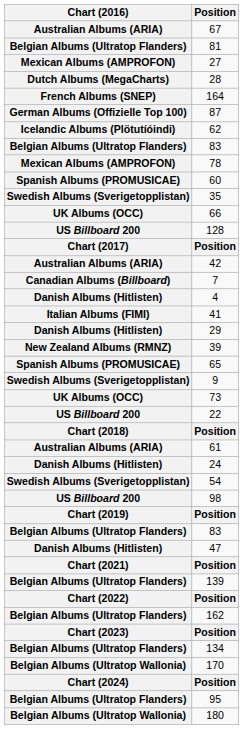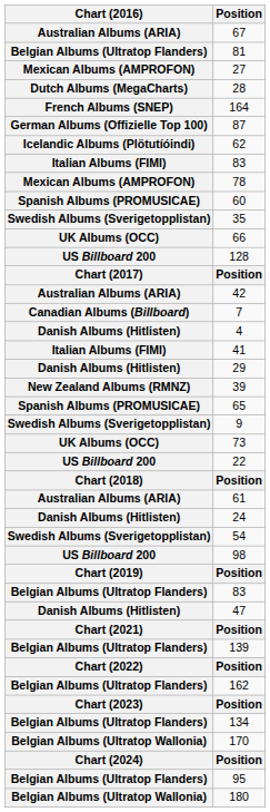 <table class="wikitable sortable plainrowheaders" style="text-align:center">
 <tr>
 <th scope="col">Chart (2016)</th>
 <th scope="col">Position</th>
 </tr>
 <tr>
 <th scope="row">Australian Albums (ARIA)</th>
 <td>67</td>
 </tr>
 <tr>
 <th scope="row">Belgian Albums (Ultratop Flanders)</th>
 <td>81</td>
 </tr>
 <tr>
 <th scope="row">Mexican Albums (AMPROFON)</th>
 <td>27</td>
 </tr>
 <tr>
 <th scope="row">Dutch Albums (MegaCharts)</th>
 <td>28</td>
 </tr>
 <tr>
 <th scope="row">French Albums (SNEP)</th>
 <td>164</td>
 </tr>
 <tr>
 <th scope="row">German Albums (Offizielle Top 100)</th>
 <td>87</td>
 </tr>
 <tr>
 <th scope="row">Icelandic Albums (Plötutíóindi)</th>
 <td>62</td>
 </tr>
 <tr>
-<th scope="row">Belgian Albums (Ultratop Flanders)</th>
+<th scope="row">Italian Albums (FIMI)</th>
 <td>83</td>
 </tr>
 <tr>
 <th scope="row">Mexican Albums (AMPROFON)</th>
 <td>78</td>
 </tr>
 <tr>
 <th scope="row">Spanish Albums (PROMUSICAE)</th>
 <td>60</td>
 </tr>
 <tr>
 <th scope="row">Swedish Albums (Sverigetopplistan)</th>
 <td>35</td>
 </tr>
 <tr>
 <th scope="row">UK Albums (OCC)</th>
 <td>66</td>
 </tr>
 <tr>
 <th scope="row">US <em>Billboard</em> 200</th>
 <td>128</td>
 </tr>
 <tr>
 <th scope="col">Chart (2017)</th>
 <th scope="col">Position</th>
 </tr>
 <tr>
 <th scope="row">Australian Albums (ARIA)</th>
 <td>42</td>
 </tr>
 <tr>
 <th scope="row">Canadian Albums (<em>Billboard</em>)</th>
 <td>7</td>
 </tr>
 <tr>
 <th scope="row">Danish Albums (Hitlisten)</th>
 <td>4</td>
 </tr>
 <tr>
 <th scope="row">Italian Albums (FIMI)</th>
 <td>41</td>
 </tr>
 <tr>
 <th scope="row">Danish Albums (Hitlisten)</th>
 <td>29</td>
 </tr>
 <tr>
 <th scope="row">New Zealand Albums (RMNZ)</th>
 <td>39</td>
 </tr>
 <tr>
 <th scope="row">Spanish Albums (PROMUSICAE)</th>
 <td>65</td>
 </tr>
 <tr>
 <th scope="row">Swedish Albums (Sverigetopplistan)</th>
 <td>9</td>
 </tr>
 <tr>
 <th scope="row">UK Albums (OCC)</th>
 <td>73</td>
 </tr>
 <tr>
 <th scope="row">US <em>Billboard</em> 200</th>
 <td>22</td>
 </tr>
 <tr>
 <th scope="col">Chart (2018)</th>
 <th scope="col">Position</th>
 </tr>
 <tr>
 <th scope="row">Australian Albums (ARIA)</th>
 <td>61</td>
 </tr>
 <tr>
 <th scope="row">Danish Albums (Hitlisten)</th>
 <td>24</td>
 </tr>
 <tr>
 <th scope="row">Swedish Albums (Sverigetopplistan)</th>
 <td>54</td>
 </tr>
 <tr>
 <th scope="row">US <em>Billboard</em> 200</th>
 <td>98</td>
 </tr>
 <tr>
 <th scope="col">Chart (2019)</th>
 <th scope="col">Position</th>
 </tr>
 <tr>
 <th scope="row">Belgian Albums (Ultratop Flanders)</th>
 <td>83</td>
 </tr>
 <tr>
 <th scope="row">Danish Albums (Hitlisten)</th>
 <td>47</td>
 </tr>
 <tr>
 <th scope="col">Chart (2021)</th>
 <th scope="col">Position</th>
 </tr>
 <tr>
 <th scope="row">Belgian Albums (Ultratop Flanders)</th>
 <td>139</td>
 </tr>
 <tr>
 <th scope="col">Chart (2022)</th>
 <th scope="col">Position</th>
 </tr>
 <tr>
 <th scope="row">Belgian Albums (Ultratop Flanders)</th>
 <td>162</td>
 </tr>
 <tr>
 <th scope="col">Chart (2023)</th>
 <th scope="col">Position</th>
 </tr>
 <tr>
 <th scope="row">Belgian Albums (Ultratop Flanders)</th>
 <td>134</td>
 </tr>
 <tr>
 <th scope="row">Belgian Albums (Ultratop Wallonia)</th>
 <td>170</td>
 </tr>
 <tr>
 <th scope="col">Chart (2024)</th>
 <th scope="col">Position</th>
 </tr>
 <tr>
 <th scope="row">Belgian Albums (Ultratop Flanders)</th>
 <td>95</td>
 </tr>
 <tr>
 <th scope="row">Belgian Albums (Ultratop Wallonia)</th>
 <td>180</td>
 </tr>
 </table>
